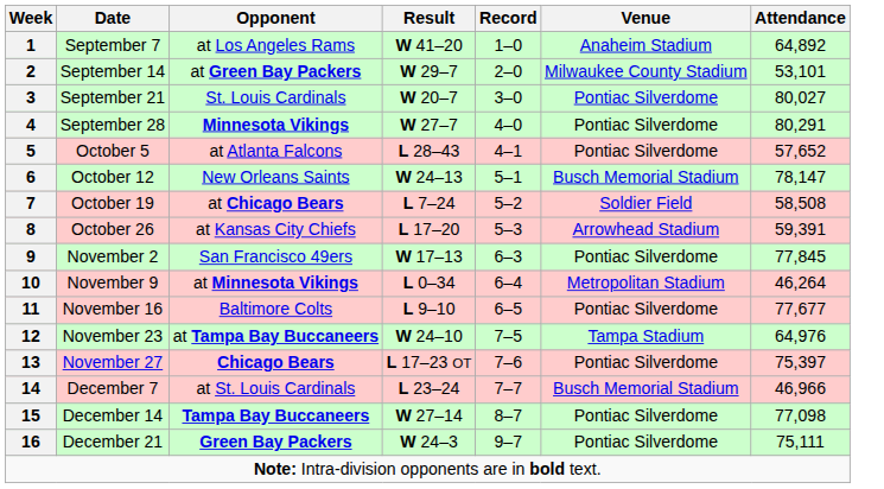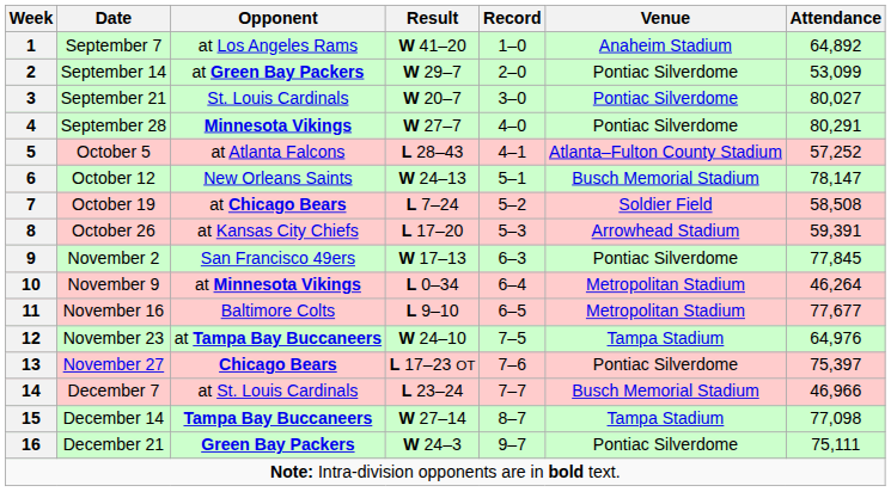 <table class="wikitable" style="text-align:center">
 <tr>
 <th>Week</th>
 <th>Date</th>
 <th>Opponent</th>
 <th>Result</th>
 <th>Record</th>
 <th>Venue</th>
 <th>Attendance</th>
 </tr>
 <tr style="background:#cfc">
 <th>1</th>
 <td>September 7</td>
 <td>at <a href='#'>Los Angeles Rams</a></td>
 <td><strong>W</strong> 41–20</td>
 <td>1–0</td>
 <td><a href='#'>Anaheim Stadium</a></td>
 <td>64,892</td>
 </tr>
 <tr style="background:#cfc">
 <th>2</th>
 <td>September 14</td>
 <td>at <strong><a href='#'>Green Bay Packers</a></strong></td>
 <td><strong>W</strong> 29–7</td>
 <td>2–0</td>
-<td><a href='#'>Milwaukee County Stadium</a></td>
-<td>53,101</td>
+<td>Pontiac Silverdome</td>
+<td>53,099</td>
 </tr>
 <tr style="background:#cfc">
 <th>3</th>
 <td>September 21</td>
 <td><a href='#'>St. Louis Cardinals</a></td>
 <td><strong>W</strong> 20–7</td>
 <td>3–0</td>
 <td><a href='#'>Pontiac Silverdome</a></td>
 <td>80,027</td>
 </tr>
 <tr style="background:#cfc">
 <th>4</th>
 <td>September 28</td>
 <td><strong><a href='#'>Minnesota Vikings</a></strong></td>
 <td><strong>W</strong> 27–7</td>
 <td>4–0</td>
 <td>Pontiac Silverdome</td>
 <td>80,291</td>
 </tr>
 <tr style="background:#fcc">
 <th>5</th>
 <td>October 5</td>
 <td>at <a href='#'>Atlanta Falcons</a></td>
 <td><strong>L</strong> 28–43</td>
 <td>4–1</td>
-<td>Pontiac Silverdome</td>
-<td>57,652</td>
+<td><a href='#'>Atlanta–Fulton County Stadium</a></td>
+<td>57,252</td>
 </tr>
 <tr style="background:#cfc">
 <th>6</th>
 <td>October 12</td>
 <td><a href='#'>New Orleans Saints</a></td>
 <td><strong>W</strong> 24–13</td>
 <td>5–1</td>
 <td><a href='#'>Busch Memorial Stadium</a></td>
 <td>78,147</td>
 </tr>
 <tr style="background:#fcc">
 <th>7</th>
 <td>October 19</td>
 <td>at <strong><a href='#'>Chicago Bears</a></strong></td>
 <td><strong>L</strong> 7–24</td>
 <td>5–2</td>
 <td><a href='#'>Soldier Field</a></td>
 <td>58,508</td>
 </tr>
 <tr style="background:#fcc">
 <th>8</th>
 <td>October 26</td>
 <td>at <a href='#'>Kansas City Chiefs</a></td>
 <td><strong>L</strong> 17–20</td>
 <td>5–3</td>
 <td><a href='#'>Arrowhead Stadium</a></td>
 <td>59,391</td>
 </tr>
 <tr style="background:#cfc">
 <th>9</th>
 <td>November 2</td>
 <td><a href='#'>San Francisco 49ers</a></td>
 <td><strong>W</strong> 17–13</td>
 <td>6–3</td>
 <td>Pontiac Silverdome</td>
 <td>77,845</td>
 </tr>
 <tr style="background:#fcc">
 <th>10</th>
 <td>November 9</td>
 <td>at <strong><a href='#'>Minnesota Vikings</a></strong></td>
 <td><strong>L</strong> 0–34</td>
 <td>6–4</td>
 <td><a href='#'>Metropolitan Stadium</a></td>
 <td>46,264</td>
 </tr>
 <tr style="background:#fcc">
 <th>11</th>
 <td>November 16</td>
 <td><a href='#'>Baltimore Colts</a></td>
 <td><strong>L</strong> 9–10</td>
 <td>6–5</td>
-<td>Pontiac Silverdome</td>
+<td><a href='#'>Metropolitan Stadium</a></td>
 <td>77,677</td>
 </tr>
 <tr style="background:#cfc">
 <th>12</th>
 <td>November 23</td>
 <td>at <strong><a href='#'>Tampa Bay Buccaneers</a></strong></td>
 <td><strong>W</strong> 24–10</td>
 <td>7–5</td>
 <td><a href='#'>Tampa Stadium</a></td>
 <td>64,976</td>
 </tr>
 <tr style="background:#fcc">
 <th>13</th>
 <td><a href='#'>November 27</a></td>
 <td><strong><a href='#'>Chicago Bears</a></strong></td>
 <td><strong>L</strong> 17–23 <small>OT</small></td>
 <td>7–6</td>
 <td>Pontiac Silverdome</td>
 <td>75,397</td>
 </tr>
 <tr style="background:#fcc">
 <th>14</th>
 <td>December 7</td>
 <td>at <a href='#'>St. Louis Cardinals</a></td>
 <td><strong>L</strong> 23–24</td>
 <td>7–7</td>
 <td><a href='#'>Busch Memorial Stadium</a></td>
 <td>46,966</td>
 </tr>
 <tr style="background:#cfc">
 <th>15</th>
 <td>December 14</td>
 <td><strong><a href='#'>Tampa Bay Buccaneers</a></strong></td>
 <td><strong>W</strong> 27–14</td>
 <td>8–7</td>
-<td>Pontiac Silverdome</td>
+<td><a href='#'>Tampa Stadium</a></td>
 <td>77,098</td>
 </tr>
 <tr style="background:#cfc">
 <th>16</th>
 <td>December 21</td>
 <td><strong><a href='#'>Green Bay Packers</a></strong></td>
 <td><strong>W</strong> 24–3</td>
 <td>9–7</td>
 <td>Pontiac Silverdome</td>
 <td>75,111</td>
 </tr>
 <tr>
 <td colspan="7"><strong>Note:</strong> Intra-division opponents are in <strong>bold</strong> text.</td>
 </tr>
 </table>
